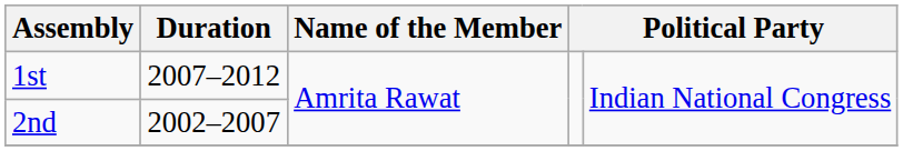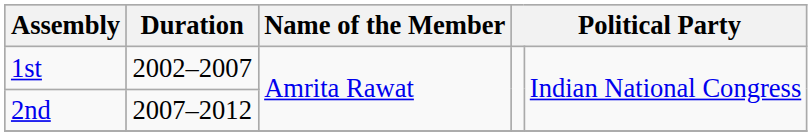 <table class="wikitable sortable">
 <tr>
 <th>Assembly</th>
 <th>Duration</th>
 <th>Name of the Member</th>
 <th colspan=2>Political Party</th>
 </tr>
 <tr>
 <td><a href='#'>1st</a></td>
-<td>2007–2012</td>
+<td>2002–2007</td>
 <td rowspan=2><a href='#'>Amrita Rawat</a></td>
 <td rowspan=2 style="background-color:"></td>
 <td rowspan=2><a href='#'>Indian National Congress</a></td>
 </tr>
 <tr>
 <td><a href='#'>2nd</a></td>
-<td>2002–2007</td>
+<td>2007–2012</td>
 </tr>
 <tr>
 </tr>
 </table>
